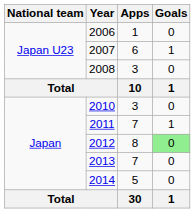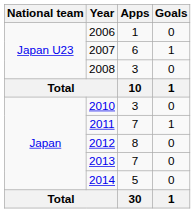 <table class="wikitable" style="text-align:center">
 <tr>
 <th>National team</th>
 <th>Year</th>
 <th>Apps</th>
 <th>Goals</th>
 </tr>
 <tr>
 <td rowspan="3"><a href='#'>Japan U23</a></td>
 <td>2006</td>
 <td>1</td>
 <td>0</td>
 </tr>
 <tr>
 <td>2007</td>
 <td>6</td>
 <td>1</td>
 </tr>
 <tr>
 <td>2008</td>
 <td>3</td>
 <td>0</td>
 </tr>
 <tr>
 <th colspan="2">Total</th>
 <th>10</th>
 <th>1</th>
 </tr>
 <tr>
 <td rowspan="5"><a href='#'>Japan</a></td>
 <td><a href='#'>2010</a></td>
 <td>3</td>
 <td>0</td>
 </tr>
 <tr>
 <td><a href='#'>2011</a></td>
 <td>7</td>
 <td>1</td>
 </tr>
 <tr>
 <td><a href='#'>2012</a></td>
 <td>8</td>
-<td style="background: lightgreen;">0</td>
+<td>0</td>
 </tr>
 <tr>
 <td><a href='#'>2013</a></td>
 <td>7</td>
 <td>0</td>
 </tr>
 <tr>
 <td><a href='#'>2014</a></td>
 <td>5</td>
 <td>0</td>
 </tr>
 <tr>
 <th colspan="2">Total</th>
 <th>30</th>
 <th>1</th>
 </tr>
 </table>
